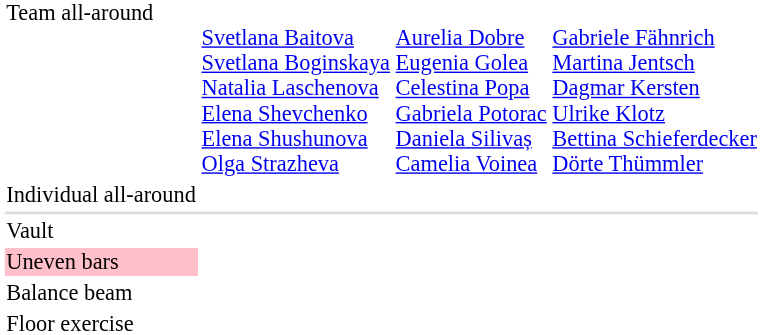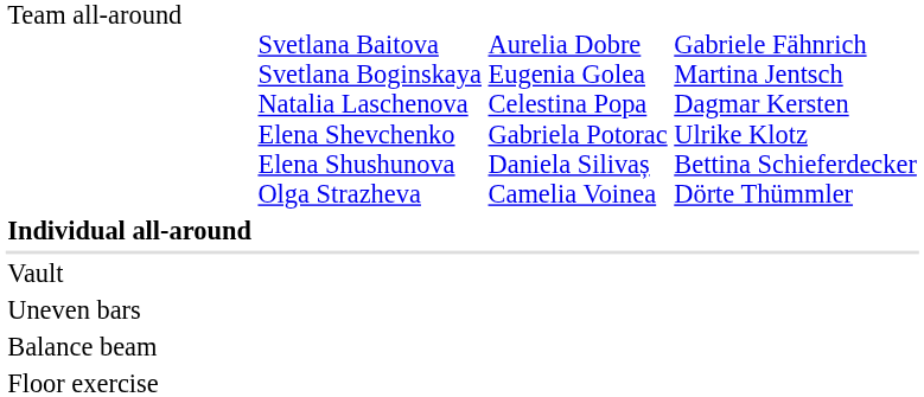 <table>
 <tr valign="top">
 <td>Team all-around<br></td>
 <td><br><a href='#'>Svetlana Baitova</a><br><a href='#'>Svetlana Boginskaya</a><br><a href='#'>Natalia Laschenova</a><br><a href='#'>Elena Shevchenko</a><br><a href='#'>Elena Shushunova</a><br><a href='#'>Olga Strazheva</a></td>
 <td><br><a href='#'>Aurelia Dobre</a><br><a href='#'>Eugenia Golea</a><br><a href='#'>Celestina Popa</a><br><a href='#'>Gabriela Potorac</a><br><a href='#'>Daniela Silivaș</a><br><a href='#'>Camelia Voinea</a></td>
 <td><br><a href='#'>Gabriele Fähnrich</a><br><a href='#'>Martina Jentsch</a><br><a href='#'>Dagmar Kersten</a><br><a href='#'>Ulrike Klotz</a><br><a href='#'>Bettina Schieferdecker</a><br><a href='#'>Dörte Thümmler</a></td>
 </tr>
 <tr valign="top">
-<td>Individual all-around<br></td>
+<td><strong>Individual all-around<br></strong></td>
 <td></td>
 <td></td>
 <td></td>
 </tr>
 <tr bgcolor=#DDDDDD>
 <td colspan=7></td>
 </tr>
 <tr valign="top">
 <td>Vault<br></td>
 <td></td>
 <td></td>
 <td></td>
 </tr>
 <tr valign="top">
-<td style="background: pink;">Uneven bars<br></td>
+<td>Uneven bars<br></td>
 <td></td>
 <td></td>
 <td></td>
 </tr>
 <tr valign="top">
 <td rowspan=2>Balance beam<br></td>
 <td rowspan=2></td>
 <td rowspan=2></td>
 <td></td>
 </tr>
 <tr>
 <td></td>
 </tr>
 <tr valign="top">
 <td>Floor exercise<br></td>
 <td></td>
 <td></td>
 <td></td>
 </tr>
 </table>
